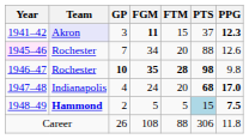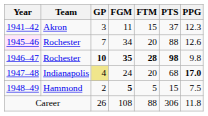 <table class="wikitable sortable" style="font-size:95%; text-align:right;">
 <tr>
 <th>Year</th>
 <th>Team</th>
 <th>GP</th>
 <th>FGM</th>
 <th>FTM</th>
 <th>PTS</th>
 <th>PPG</th>
 </tr>
 <tr>
 <td style="text-align:left;"><a href='#'>1941–42</a></td>
-<td style="background: lavender; text-align:left;"><a href='#'>Akron</a></td>
+<td style="text-align:left;"><a href='#'>Akron</a></td>
 <td>3</td>
-<td><strong>11</strong></td>
+<td>11</td>
 <td>15</td>
 <td>37</td>
-<td><strong>12.3</strong></td>
+<td>12.3</td>
 </tr>
 <tr>
 <td style="text-align:left; background:#ffe6fa;"><a href='#'>1945–46</a></td>
 <td style="text-align:left;"><a href='#'>Rochester</a></td>
 <td>7</td>
 <td>34</td>
 <td>20</td>
 <td>88</td>
 <td>12.6</td>
 </tr>
 <tr>
 <td style="text-align:left;"><a href='#'>1946–47</a></td>
 <td style="text-align:left;"><a href='#'>Rochester</a></td>
 <td><strong>10</strong></td>
 <td><strong>35</strong></td>
 <td><strong>28</strong></td>
 <td><strong>98</strong></td>
 <td>9.8</td>
 </tr>
 <tr>
 <td style="text-align:left;"><a href='#'>1947–48</a></td>
 <td style="text-align:left;"><a href='#'>Indianapolis</a></td>
-<td>4</td>
+<td style="background: khaki;">4</td>
 <td>24</td>
 <td>20</td>
-<td><strong>68</strong></td>
+<td>68</td>
 <td><strong>17.0</strong></td>
 </tr>
 <tr>
 <td style="text-align:left;"><a href='#'>1948–49</a></td>
-<td style="text-align:left;"><strong><a href='#'>Hammond</a></strong></td>
+<td style="text-align:left;"><a href='#'>Hammond</a></td>
 <td>2</td>
+<td><strong>5</strong></td>
 <td>5</td>
-<td>5</td>
-<td style="background: lightblue;">15</td>
-<td><strong>7.5</strong></td>
+<td>15</td>
+<td>7.5</td>
 </tr>
 <tr>
 <td style="text-align:center;" colspan="2">Career</td>
 <td>26</td>
 <td>108</td>
 <td>88</td>
 <td>306</td>
 <td>11.8</td>
 </tr>
 </table>
